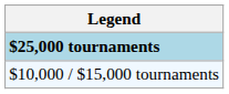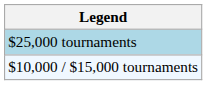 <table class="wikitable" style="font-size:85%">
 <tr>
 <th>Legend</th>
 </tr>
 <tr style="background:lightblue;">
-<td><strong>$25,000 tournaments</strong></td>
+<td>$25,000 tournaments</td>
 </tr>
 <tr style="background:#f0f8ff;">
 <td>$10,000 / $15,000 tournaments</td>
 </tr>
 </table>
